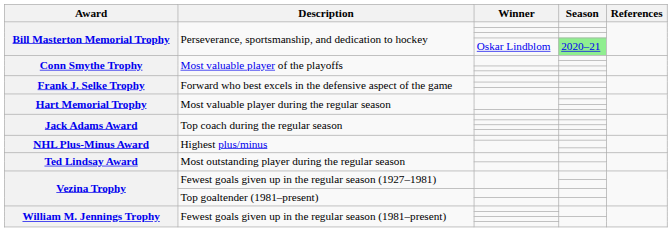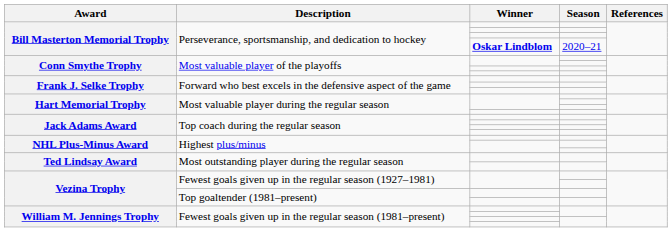 <table class="wikitable sortable" width="75%">
 <tr>
 <th scope="col">Award</th>
 <th scope="col" class="unsortable">Description</th>
 <th scope="col">Winner</th>
 <th scope="col">Season</th>
 <th scope="col" class="unsortable">References</th>
 </tr>
 <tr>
 <th rowspan="4" scope="row"><a href='#'>Bill Masterton Memorial Trophy</a></th>
 <td rowspan="4">Perseverance, sportsmanship, and dedication to hockey</td>
 <td></td>
 <td></td>
 <td rowspan="4"></td>
 </tr>
 <tr>
 <td></td>
 <td></td>
 </tr>
 <tr>
 <td></td>
 <td></td>
 </tr>
 <tr>
-<td><a href='#'>Oskar Lindblom</a></td>
-<td style="background: lightgreen;"><a href='#'>2020–21</a></td>
+<td><strong><a href='#'>Oskar Lindblom</a></strong></td>
+<td><a href='#'>2020–21</a></td>
 </tr>
 <tr>
 <th scope="row" rowspan="4"><a href='#'>Conn Smythe Trophy</a></th>
 <td rowspan="4"><a href='#'>Most valuable player</a> of the playoffs</td>
 <td rowspan="2"></td>
 <td></td>
 <td rowspan="4"></td>
 </tr>
 <tr>
 <td></td>
 </tr>
 <tr>
 <td></td>
 <td></td>
 </tr>
 <tr>
 <td></td>
 <td></td>
 </tr>
 <tr>
 <th scope="row" rowspan="3"><a href='#'>Frank J. Selke Trophy</a></th>
 <td rowspan="3">Forward who best excels in the defensive aspect of the game</td>
 <td></td>
 <td></td>
 <td rowspan="3"></td>
 </tr>
 <tr>
 <td></td>
 <td></td>
 </tr>
 <tr>
 <td></td>
 <td></td>
 </tr>
 <tr>
 <th scope="row" rowspan="4"><a href='#'>Hart Memorial Trophy</a></th>
 <td rowspan="4">Most valuable player during the regular season</td>
 <td rowspan="3"></td>
 <td></td>
 <td rowspan="4"></td>
 </tr>
 <tr>
 <td></td>
 </tr>
 <tr>
 <td></td>
 </tr>
 <tr>
 <td></td>
 <td></td>
 </tr>
 <tr>
 <th scope="row" rowspan="4"><a href='#'>Jack Adams Award</a></th>
 <td rowspan="4">Top coach during the regular season</td>
 <td></td>
 <td></td>
 <td rowspan="4"></td>
 </tr>
 <tr>
 <td></td>
 <td></td>
 </tr>
 <tr>
 <td></td>
 <td></td>
 </tr>
 <tr>
 <td></td>
 <td></td>
 </tr>
 <tr>
 <th scope="row" rowspan="3"><a href='#'>NHL Plus-Minus Award</a></th>
 <td rowspan="3">Highest <a href='#'>plus/minus</a></td>
 <td></td>
 <td></td>
 <td rowspan="3"></td>
 </tr>
 <tr>
 <td rowspan="2"></td>
 <td></td>
 </tr>
 <tr>
 <td></td>
 </tr>
 <tr>
 <th scope="row" rowspan="2"><a href='#'>Ted Lindsay Award</a></th>
 <td rowspan="2">Most outstanding player during the regular season</td>
 <td></td>
 <td></td>
 <td rowspan="2"></td>
 </tr>
 <tr>
 <td></td>
 <td></td>
 </tr>
 <tr>
 <th scope="row" rowspan="4"><a href='#'>Vezina Trophy</a></th>
 <td rowspan="2">Fewest goals given up in the regular season (1927–1981)</td>
 <td rowspan="2"></td>
 <td></td>
 <td rowspan="4"></td>
 </tr>
 <tr>
 <td></td>
 </tr>
 <tr>
 <td rowspan="2">Top goaltender (1981–present)</td>
 <td></td>
 <td></td>
 </tr>
 <tr>
 <td></td>
 <td></td>
 </tr>
 <tr>
 <th scope="row" rowspan="4"><a href='#'>William M. Jennings Trophy</a></th>
 <td rowspan="4">Fewest goals given up in the regular season (1981–present)</td>
 <td></td>
 <td rowspan="2"></td>
 <td rowspan="4"></td>
 </tr>
 <tr>
 <td></td>
 </tr>
 <tr>
 <td></td>
 <td rowspan="2"></td>
 </tr>
 <tr>
 <td></td>
 </tr>
 </table>
